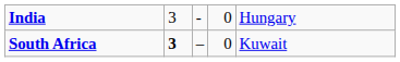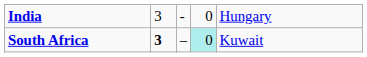 <table class="wikitable">
 <tr>
 <td width=150> <strong><a href='#'>India</a></strong></td>
 <td style="width:20px; text-align:left;">3</td>
 <td>-</td>
 <td style="width:20px; text-align:right;">0</td>
 <td width=150> <a href='#'>Hungary</a></td>
 </tr>
 <tr>
 <td> <strong><a href='#'>South Africa</a></strong></td>
 <td style="text-align:left;"><strong>3</strong></td>
 <td>–</td>
-<td style="text-align:right;">0</td>
+<td style="background: paleturquoise; text-align:right;">0</td>
 <td> <a href='#'>Kuwait</a></td>
 </tr>
 </table>
